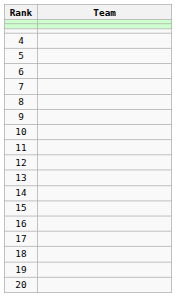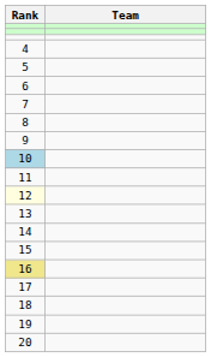 <table class="wikitable" style="text-align:center;">
 <tr>
 <th width=40>Rank</th>
 <th width=180>Team</th>
 </tr>
 <tr bgcolor=#ccffcc>
 <td></td>
 <td style="text-align:left;"></td>
 </tr>
 <tr bgcolor=#ccffcc>
 <td></td>
 <td style="text-align:left;"></td>
 </tr>
 <tr>
 <td></td>
 <td style="text-align:left;"></td>
 </tr>
 <tr>
 <td>4</td>
 <td style="text-align:left;"></td>
 </tr>
 <tr>
 <td>5</td>
 <td style="text-align:left;"></td>
 </tr>
 <tr>
 <td>6</td>
 <td style="text-align:left;"></td>
 </tr>
 <tr>
 <td>7</td>
 <td style="text-align:left;"></td>
 </tr>
 <tr>
 <td>8</td>
 <td style="text-align:left;"></td>
 </tr>
 <tr>
 <td>9</td>
 <td style="text-align:left;"></td>
 </tr>
 <tr>
-<td>10</td>
+<td style="background: lightblue;">10</td>
 <td style="text-align:left;"></td>
 </tr>
 <tr>
 <td>11</td>
 <td style="text-align:left;"></td>
 </tr>
 <tr>
-<td>12</td>
+<td style="background: lightyellow;">12</td>
 <td style="text-align:left;"></td>
 </tr>
 <tr>
 <td>13</td>
 <td style="text-align:left;"></td>
 </tr>
 <tr>
 <td>14</td>
 <td style="text-align:left;"></td>
 </tr>
 <tr>
 <td>15</td>
 <td style="text-align:left;"></td>
 </tr>
 <tr>
-<td>16</td>
+<td style="background: khaki;">16</td>
 <td style="text-align:left;"></td>
 </tr>
 <tr>
 <td>17</td>
 <td style="text-align:left;"></td>
 </tr>
 <tr>
 <td>18</td>
 <td style="text-align:left;"></td>
 </tr>
 <tr>
 <td>19</td>
 <td style="text-align:left;"></td>
 </tr>
 <tr>
 <td>20</td>
 <td style="text-align:left;"></td>
 </tr>
 </table>
